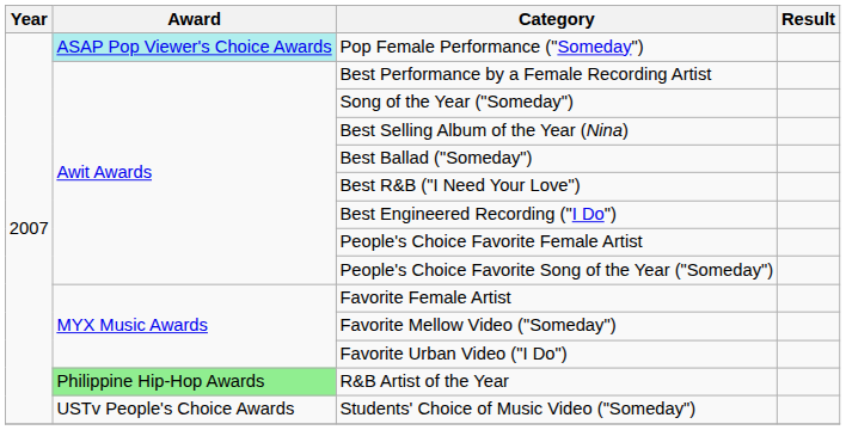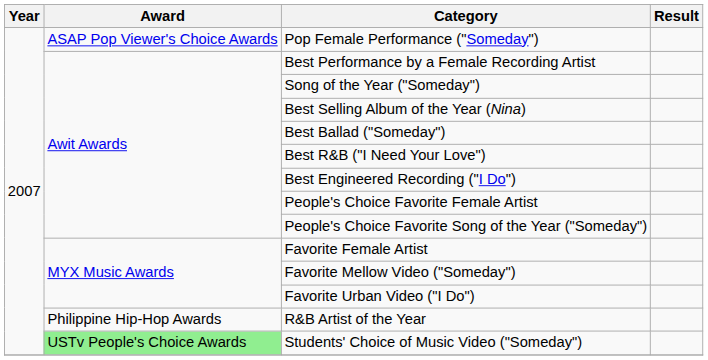 <table class="wikitable">
 <tr>
 <th>Year</th>
 <th>Award</th>
 <th>Category</th>
 <th>Result</th>
 </tr>
 <tr>
 <td rowspan="14">2007</td>
-<td style="background: paleturquoise;"><a href='#'>ASAP Pop Viewer's Choice Awards</a></td>
+<td><a href='#'>ASAP Pop Viewer's Choice Awards</a></td>
 <td>Pop Female Performance ("<a href='#'>Someday</a>")</td>
 <td></td>
 </tr>
 <tr>
 <td rowspan="8"><a href='#'>Awit Awards</a></td>
 <td>Best Performance by a Female Recording Artist</td>
 <td></td>
 </tr>
 <tr>
 <td>Song of the Year ("Someday")</td>
 <td></td>
 </tr>
 <tr>
 <td>Best Selling Album of the Year (<em>Nina</em>)</td>
 <td></td>
 </tr>
 <tr>
 <td>Best Ballad ("Someday")</td>
 <td></td>
 </tr>
 <tr>
 <td>Best R&B ("I Need Your Love")</td>
 <td></td>
 </tr>
 <tr>
 <td>Best Engineered Recording ("<a href='#'>I Do</a>")</td>
 <td></td>
 </tr>
 <tr>
 <td>People's Choice Favorite Female Artist</td>
 <td></td>
 </tr>
 <tr>
 <td>People's Choice Favorite Song of the Year ("Someday")</td>
 <td></td>
 </tr>
 <tr>
 <td rowspan="3"><a href='#'>MYX Music Awards</a></td>
 <td>Favorite Female Artist</td>
 <td></td>
 </tr>
 <tr>
 <td>Favorite Mellow Video ("Someday")</td>
 <td></td>
 </tr>
 <tr>
 <td>Favorite Urban Video ("I Do")</td>
 <td></td>
 </tr>
 <tr>
-<td style="background: lightgreen;">Philippine Hip-Hop Awards</td>
+<td>Philippine Hip-Hop Awards</td>
 <td>R&B Artist of the Year</td>
 <td></td>
 </tr>
 <tr>
-<td>USTv People's Choice Awards</td>
+<td style="background: lightgreen;">USTv People's Choice Awards</td>
 <td>Students' Choice of Music Video ("Someday")</td>
 <td></td>
 </tr>
 <tr>
 </tr>
 </table>
